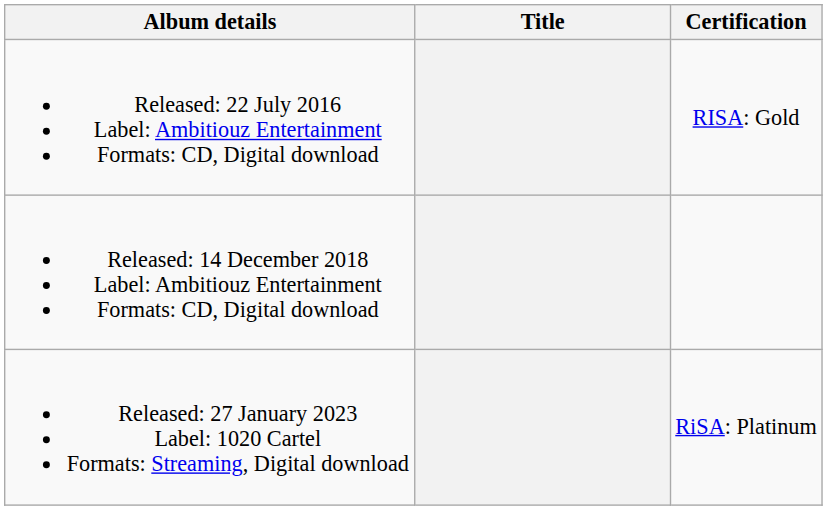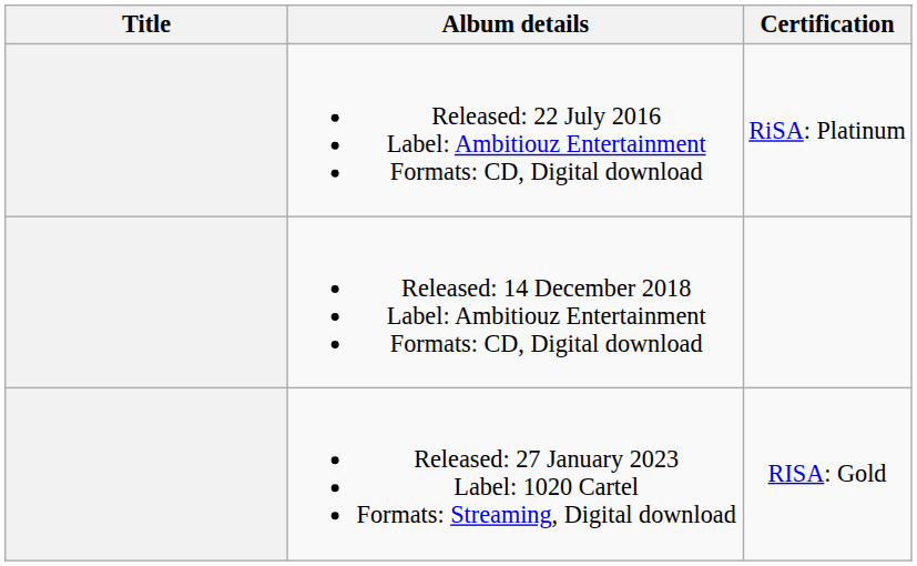 <table class="wikitable plainrowheaders" style="text-align:center;">
 <tr>
+<th scope="col" style="width:11em;">Title</th>
 <th scope="col" style="width:18em;">Album details</th>
-<th scope="col" style="width:11em;">Title</th>
 <th>Certification</th>
 </tr>
 <tr>
+<th scope="row"></th>
 <td><br><ul><li>Released: 22 July 2016</li><li>Label: <a href='#'>Ambitiouz Entertainment</a></li><li>Formats: CD, Digital download</li></ul></td>
-<th scope="row"></th>
-<td><a href='#'>RISA</a>: Gold</td>
+<td><a href='#'>RiSA</a>: Platinum</td>
 </tr>
 <tr umphako>
+<th scope="row"></th>
 <td><br><ul><li>Released: 14 December 2018</li><li>Label: Ambitiouz Entertainment</li><li>Formats: CD, Digital download</li></ul></td>
-<th scope="row"></th>
 <td></td>
 </tr>
 <tr>
+<th scope="row"></th>
 <td><br><ul><li>Released: 27 January 2023</li><li>Label: 1020 Cartel</li><li>Formats: <a href='#'>Streaming</a>, Digital download</li></ul></td>
-<th scope="row"></th>
-<td><a href='#'>RiSA</a>: Platinum</td>
+<td><a href='#'>RISA</a>: Gold</td>
 </tr>
 </table>
